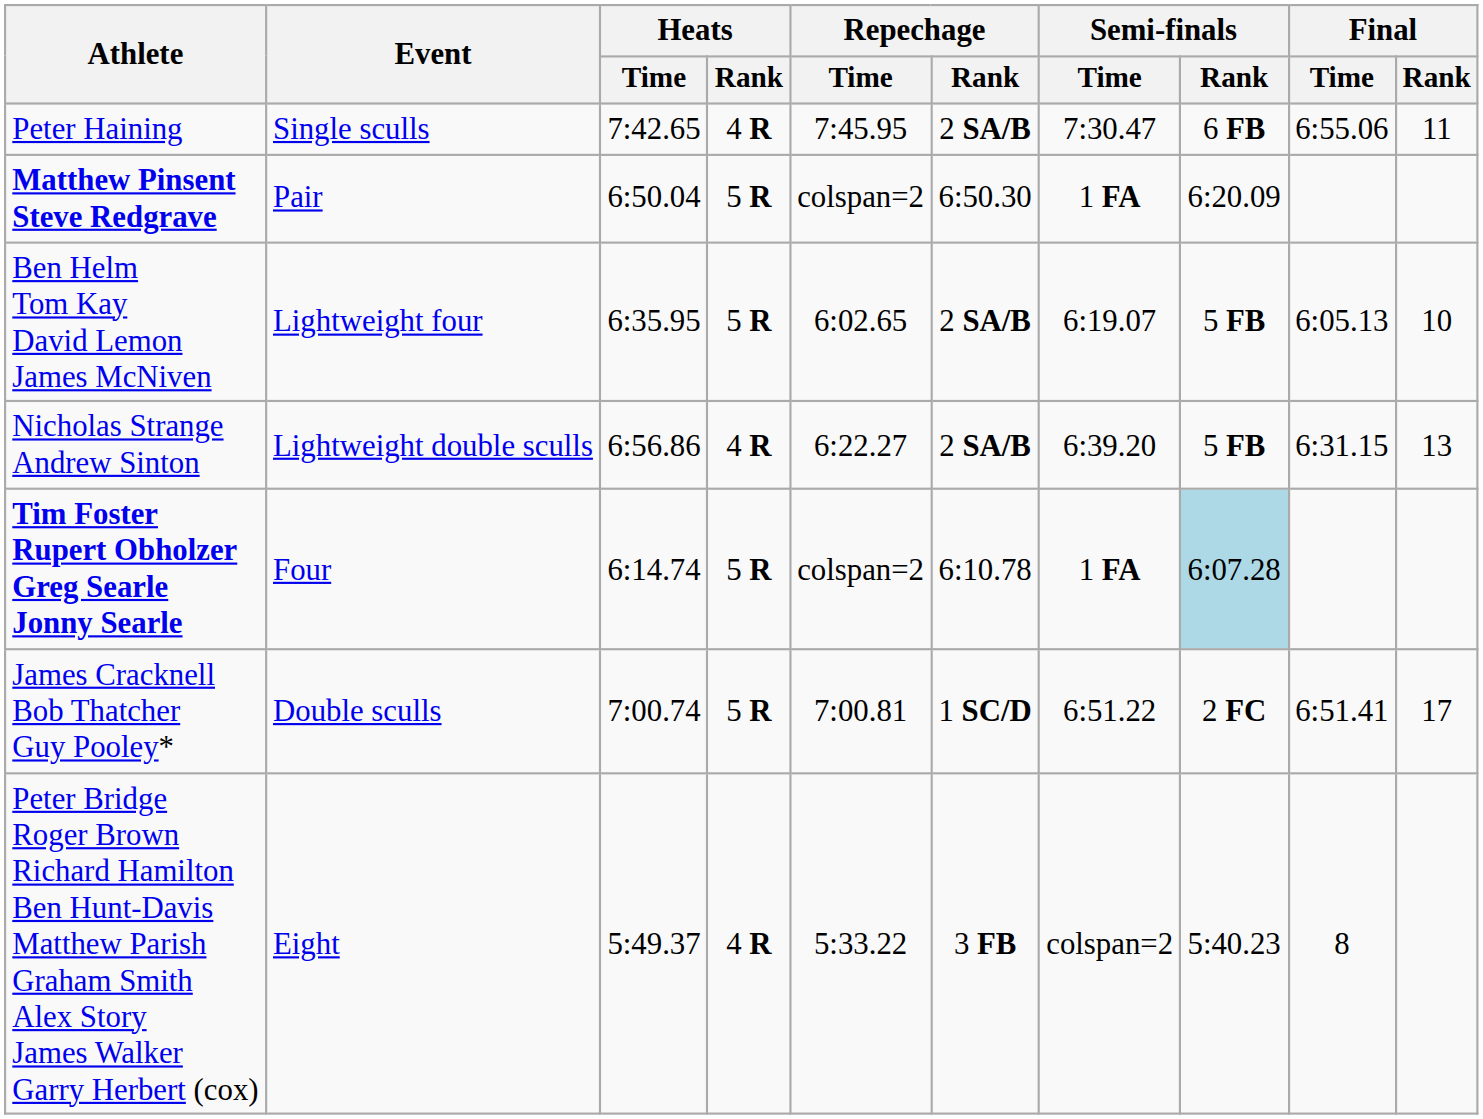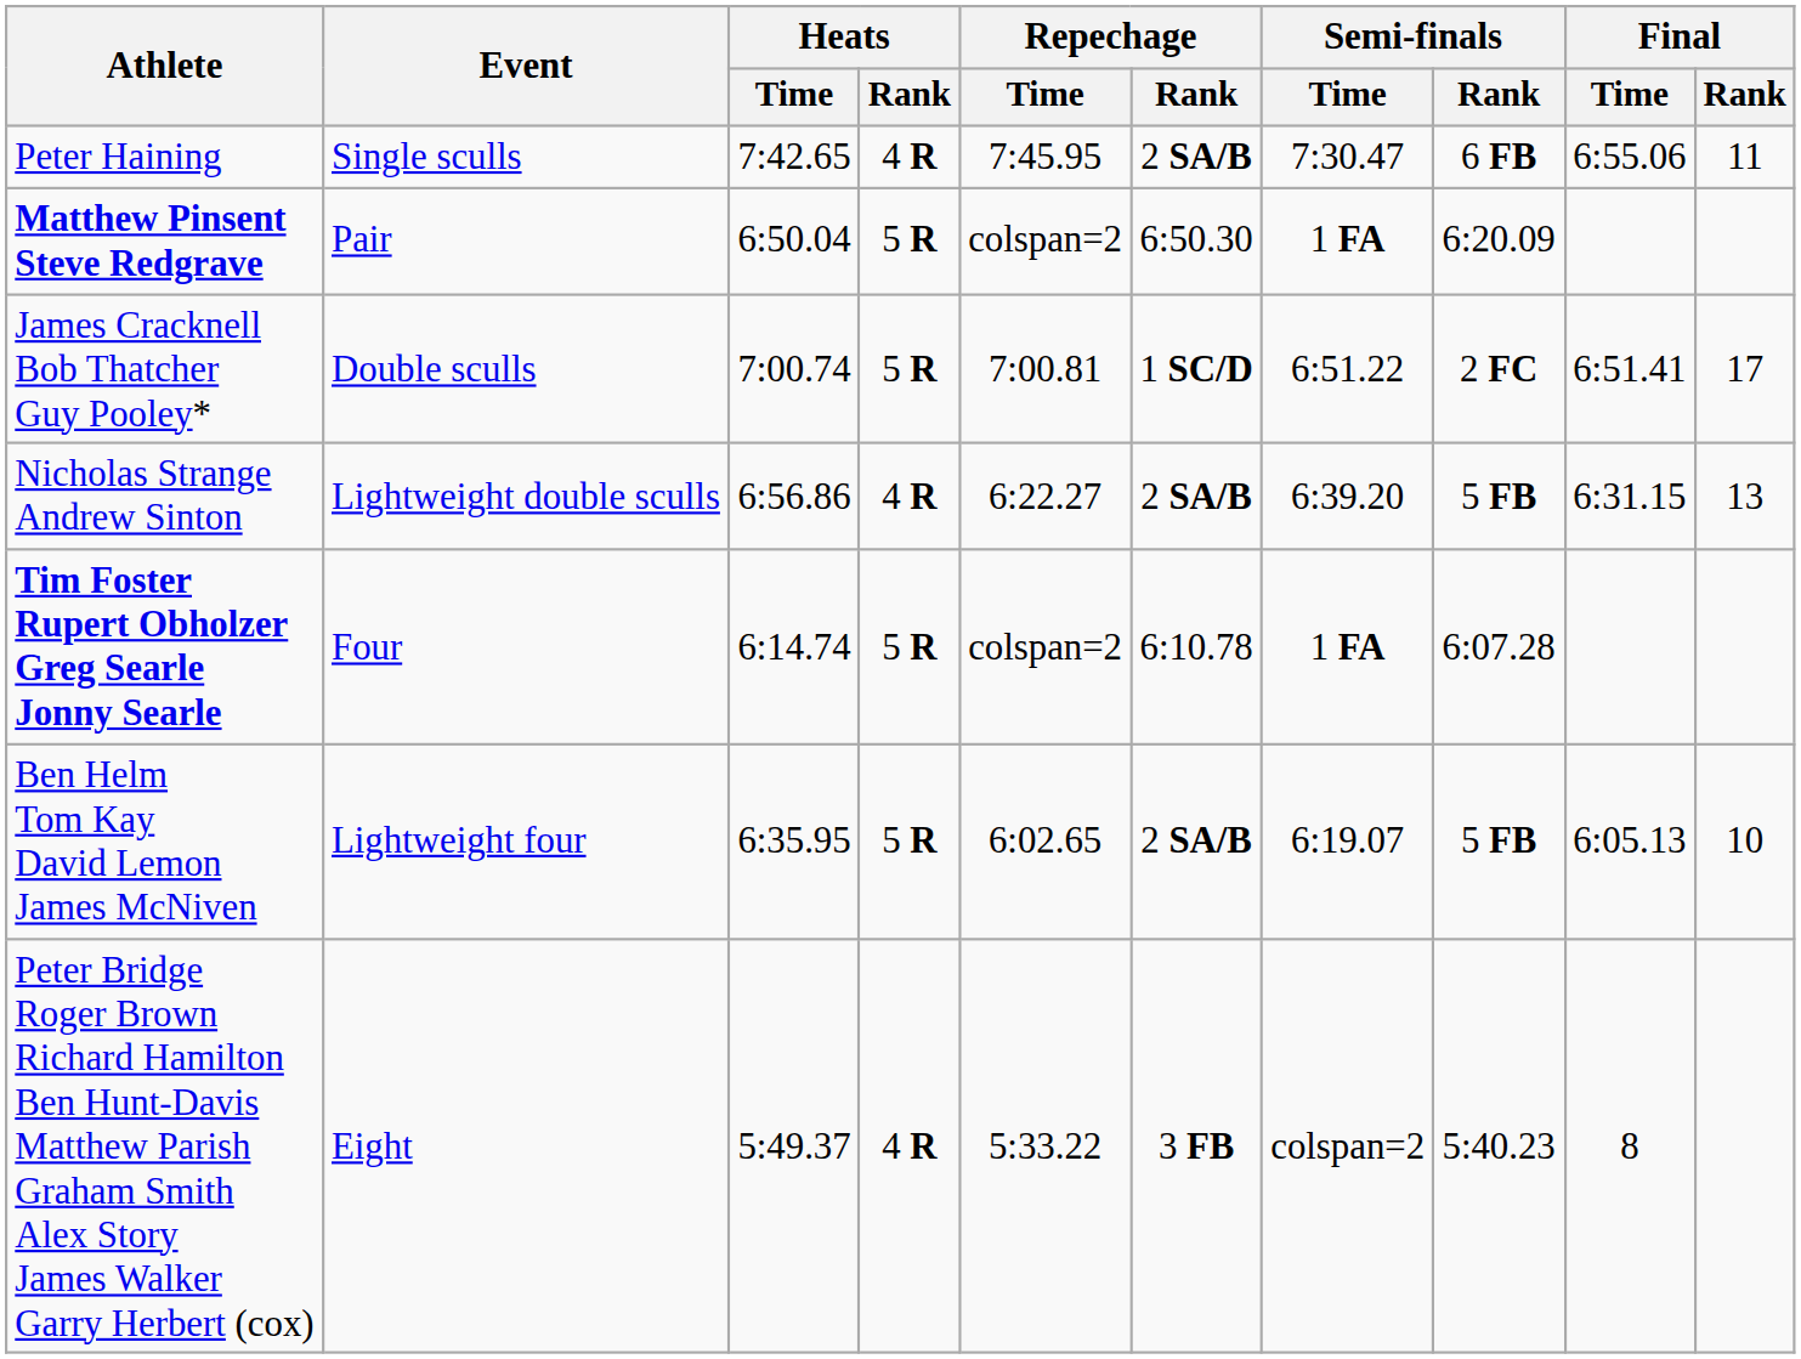 <table class="wikitable" style="font-size:90%">
 <tr>
 <th rowspan="2">Athlete</th>
 <th rowspan="2">Event</th>
 <th colspan="2">Heats</th>
 <th colspan="2">Repechage</th>
 <th colspan="2">Semi-finals</th>
 <th colspan="2">Final</th>
 </tr>
 <tr style="font-size:95%">
 <th>Time</th>
 <th>Rank</th>
 <th>Time</th>
 <th>Rank</th>
 <th>Time</th>
 <th>Rank</th>
 <th>Time</th>
 <th>Rank</th>
 </tr>
 <tr align=center>
 <td align=left><a href='#'>Peter Haining</a></td>
 <td align=left><a href='#'>Single sculls</a></td>
 <td>7:42.65</td>
 <td>4 <strong>R</strong></td>
 <td>7:45.95</td>
 <td>2 <strong>SA/B</strong></td>
 <td>7:30.47</td>
 <td>6 <strong>FB</strong></td>
 <td>6:55.06</td>
 <td>11</td>
 </tr>
 <tr align=center>
 <td align=left><strong><a href='#'>Matthew Pinsent</a><br><a href='#'>Steve Redgrave</a></strong></td>
 <td align=left><a href='#'>Pair</a></td>
 <td>6:50.04</td>
 <td>5 <strong>R</strong></td>
 <td>colspan=2 </td>
 <td>6:50.30</td>
 <td>1 <strong>FA</strong></td>
 <td>6:20.09</td>
 <td></td>
 </tr>
 <tr align=center>
-<td align=left><a href='#'>Ben Helm</a><br><a href='#'>Tom Kay</a><br><a href='#'>David Lemon</a><br><a href='#'>James McNiven</a></td>
-<td align=left><a href='#'>Lightweight four</a></td>
-<td>6:35.95</td>
+<td align=left><a href='#'>James Cracknell</a><br><a href='#'>Bob Thatcher</a><br><a href='#'>Guy Pooley</a>*</td>
+<td align=left><a href='#'>Double sculls</a></td>
+<td>7:00.74</td>
 <td>5 <strong>R</strong></td>
-<td>6:02.65</td>
-<td>2 <strong>SA/B</strong></td>
-<td>6:19.07</td>
-<td>5 <strong>FB</strong></td>
-<td>6:05.13</td>
-<td>10</td>
+<td>7:00.81</td>
+<td>1 <strong>SC/D</strong></td>
+<td>6:51.22</td>
+<td>2 <strong>FC</strong></td>
+<td>6:51.41</td>
+<td>17</td>
 </tr>
 <tr align=center>
 <td align=left><a href='#'>Nicholas Strange</a><br><a href='#'>Andrew Sinton</a></td>
 <td align=left><a href='#'>Lightweight double sculls</a></td>
 <td>6:56.86</td>
 <td>4 <strong>R</strong></td>
 <td>6:22.27</td>
 <td>2 <strong>SA/B</strong></td>
 <td>6:39.20</td>
 <td>5 <strong>FB</strong></td>
 <td>6:31.15</td>
 <td>13</td>
 </tr>
 <tr align=center>
 <td align=left><strong><a href='#'>Tim Foster</a><br><a href='#'>Rupert Obholzer</a><br><a href='#'>Greg Searle</a><br><a href='#'>Jonny Searle</a></strong></td>
 <td align=left><a href='#'>Four</a></td>
 <td>6:14.74</td>
 <td>5 <strong>R</strong></td>
 <td>colspan=2 </td>
 <td>6:10.78</td>
 <td>1 <strong>FA</strong></td>
-<td style="background: lightblue;">6:07.28</td>
+<td>6:07.28</td>
 <td></td>
 </tr>
 <tr align=center>
-<td align=left><a href='#'>James Cracknell</a><br><a href='#'>Bob Thatcher</a><br><a href='#'>Guy Pooley</a>*</td>
-<td align=left><a href='#'>Double sculls</a></td>
-<td>7:00.74</td>
+<td align=left><a href='#'>Ben Helm</a><br><a href='#'>Tom Kay</a><br><a href='#'>David Lemon</a><br><a href='#'>James McNiven</a></td>
+<td align=left><a href='#'>Lightweight four</a></td>
+<td>6:35.95</td>
 <td>5 <strong>R</strong></td>
-<td>7:00.81</td>
-<td>1 <strong>SC/D</strong></td>
-<td>6:51.22</td>
-<td>2 <strong>FC</strong></td>
-<td>6:51.41</td>
-<td>17</td>
+<td>6:02.65</td>
+<td>2 <strong>SA/B</strong></td>
+<td>6:19.07</td>
+<td>5 <strong>FB</strong></td>
+<td>6:05.13</td>
+<td>10</td>
 </tr>
 <tr align=center>
 <td align=left><a href='#'>Peter Bridge</a><br><a href='#'>Roger Brown</a><br><a href='#'>Richard Hamilton</a><br><a href='#'>Ben Hunt-Davis</a><br><a href='#'>Matthew Parish</a><br><a href='#'>Graham Smith</a><br><a href='#'>Alex Story</a><br><a href='#'>James Walker</a><br><a href='#'>Garry Herbert</a> (cox)</td>
 <td align=left><a href='#'>Eight</a></td>
 <td>5:49.37</td>
 <td>4 <strong>R</strong></td>
 <td>5:33.22</td>
 <td>3 <strong>FB</strong></td>
 <td>colspan=2 </td>
 <td>5:40.23</td>
 <td>8</td>
 </tr>
 </table>
